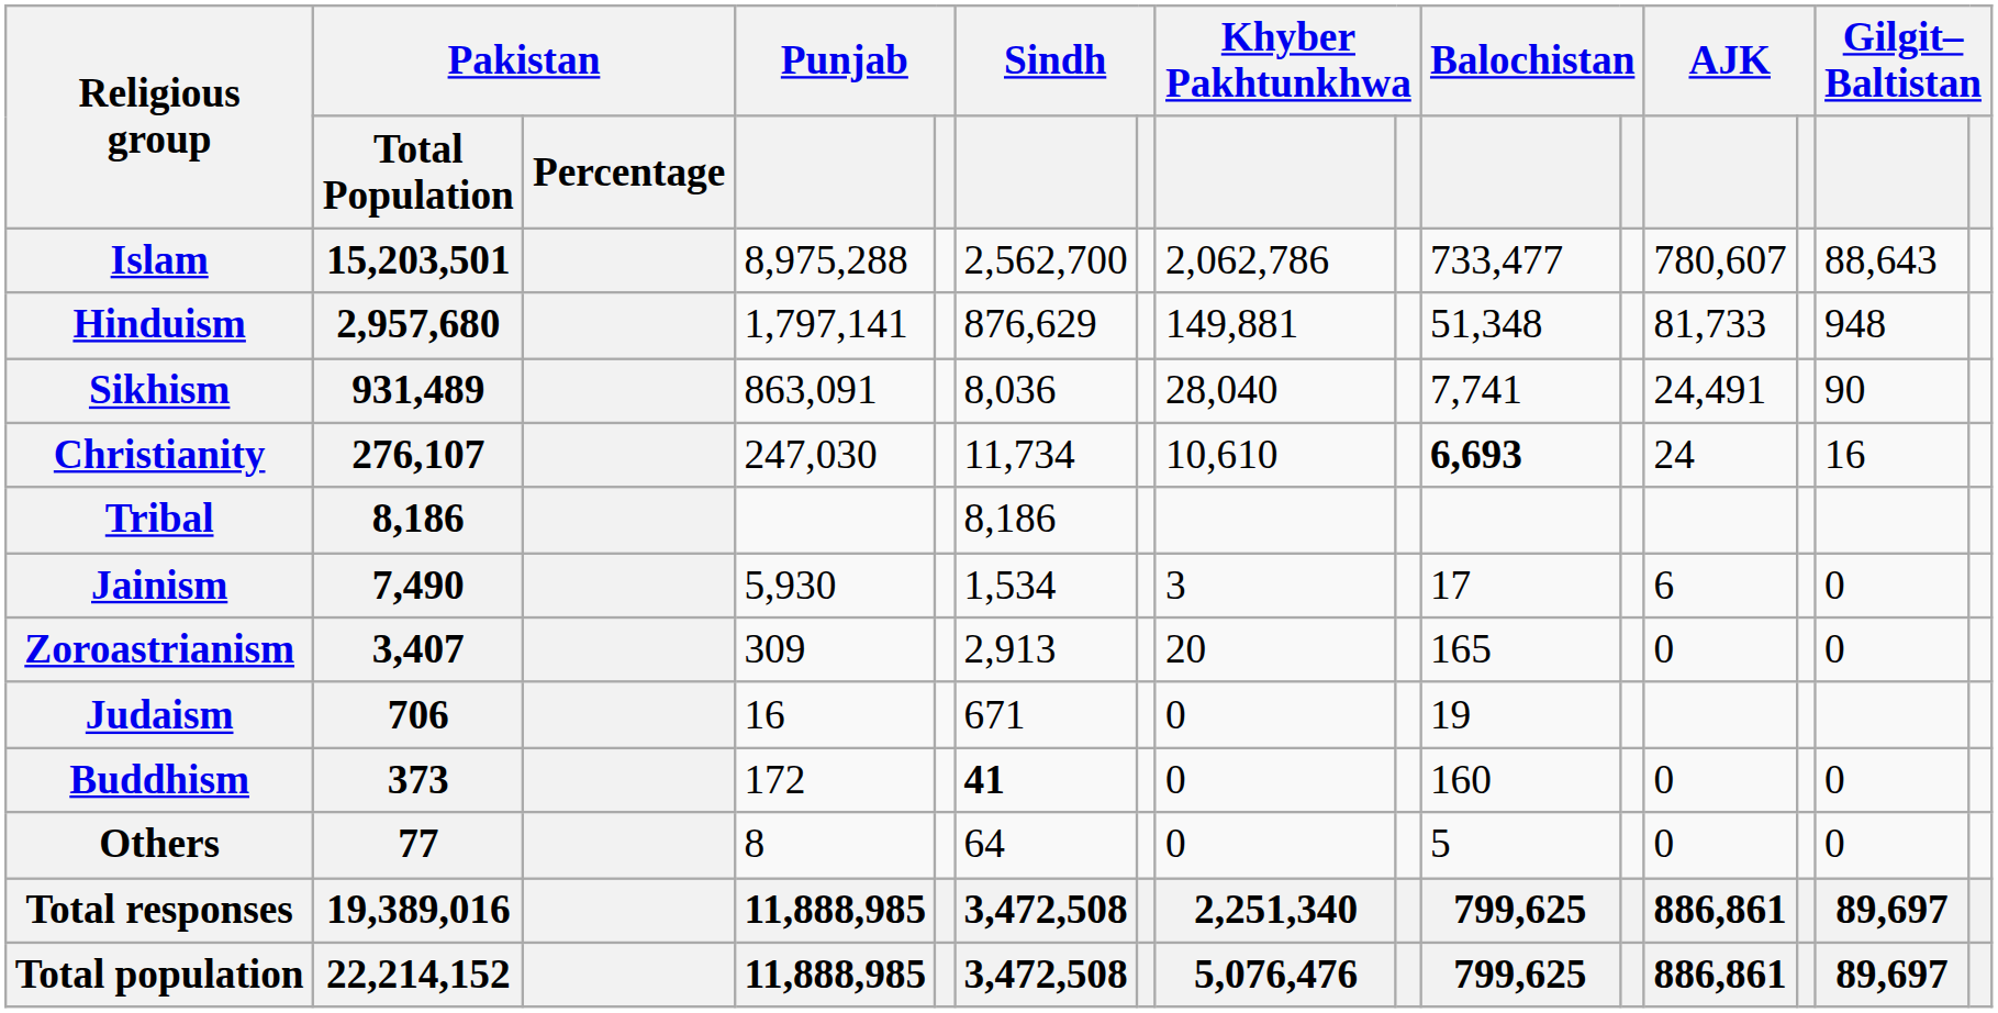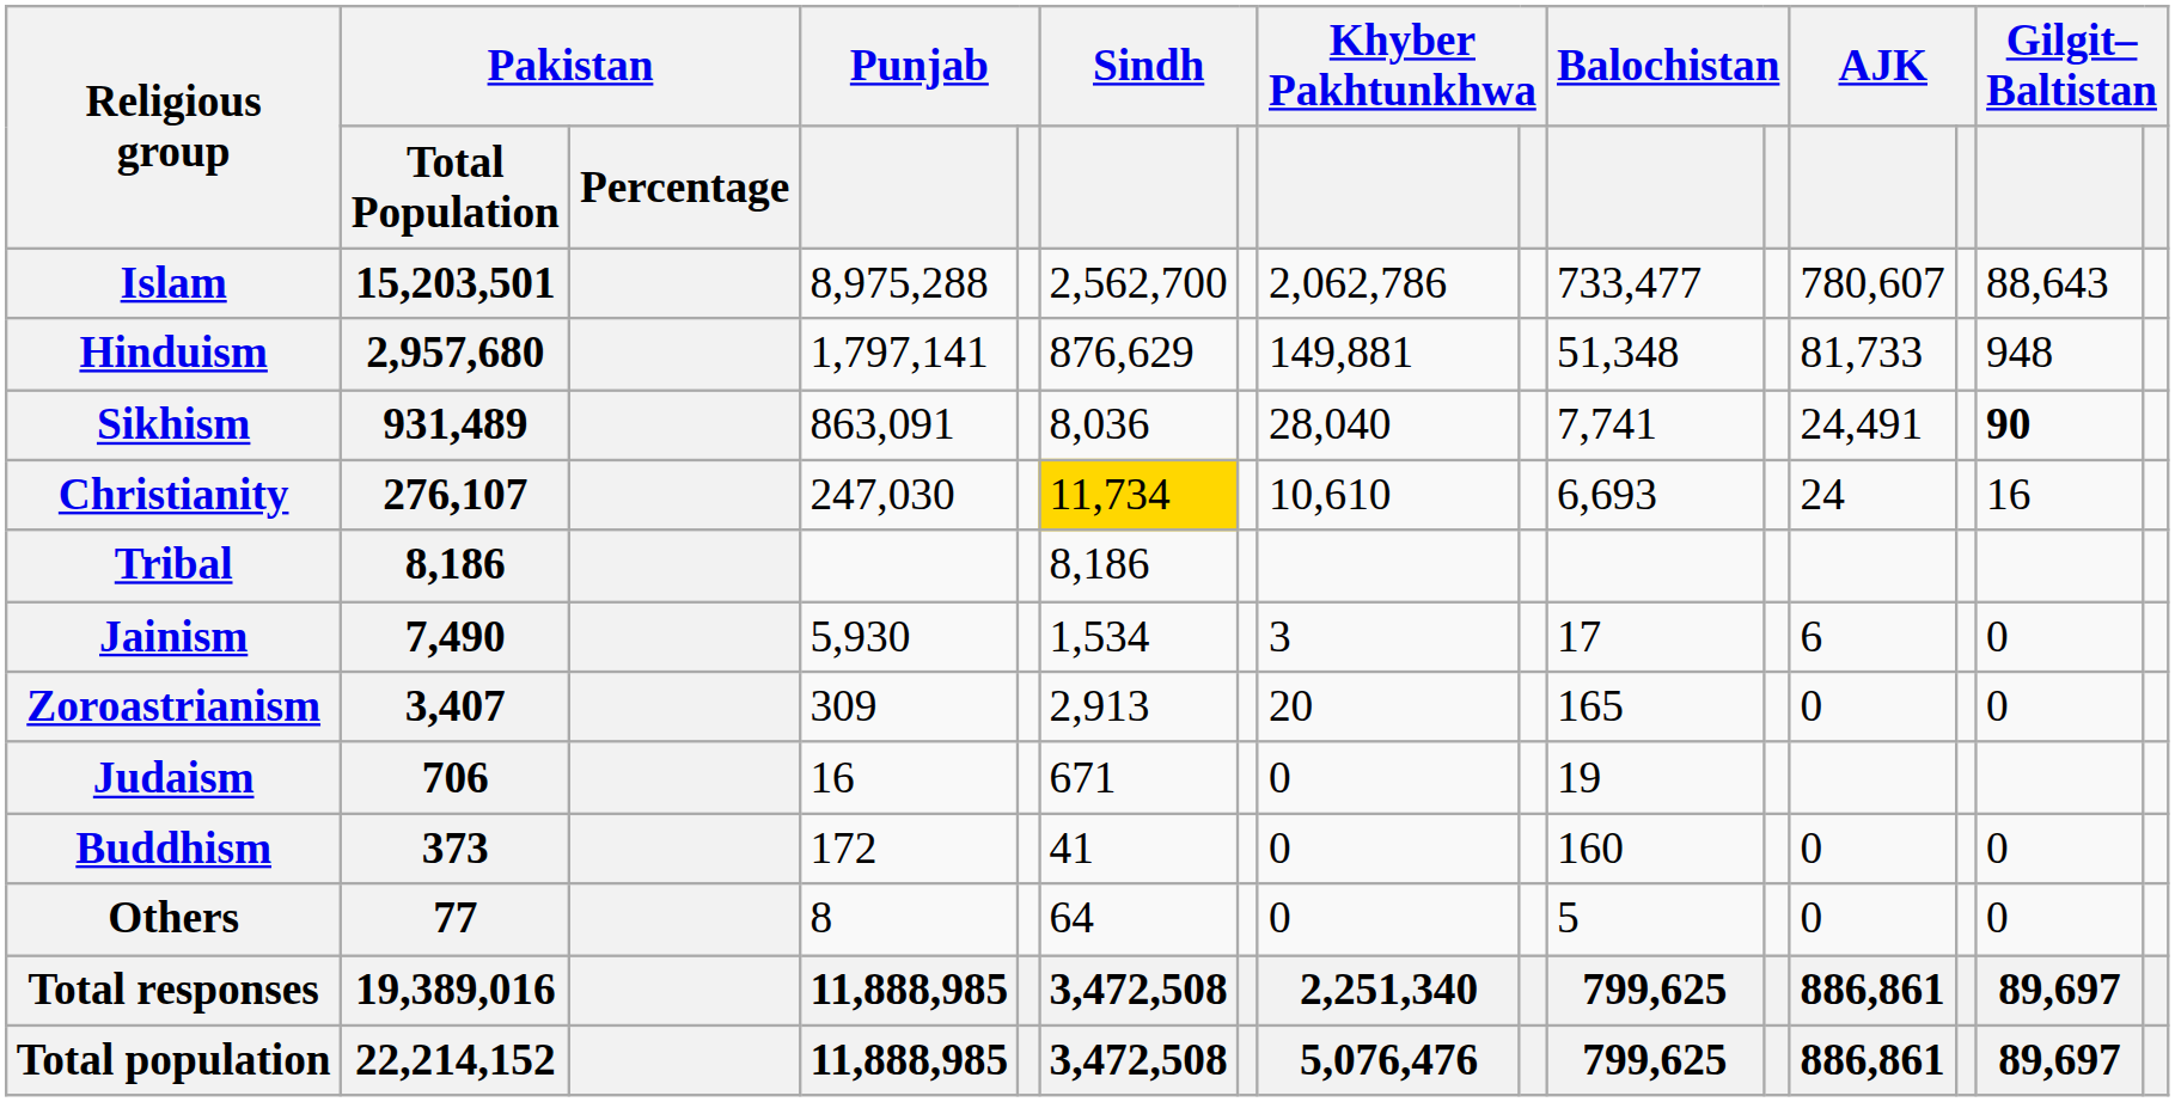 <table class="wikitable sortable">
 <tr>
 <th rowspan="2">Religious<br>group</th>
 <th colspan="2"><a href='#'>Pakistan</a></th>
 <th colspan="2"><a href='#'>Punjab</a></th>
 <th colspan="2"><a href='#'>Sindh</a></th>
 <th colspan="2"><a href='#'>Khyber<br>Pakhtunkhwa</a></th>
 <th colspan="2"><a href='#'>Balochistan</a></th>
 <th colspan="2"><a href='#'>AJK</a></th>
 <th colspan="2"><a href='#'>Gilgit–<br>Baltistan</a></th>
 </tr>
 <tr>
 <th>Total<br>Population</th>
 <th>Percentage</th>
 <th><a href='#'></a></th>
 <th></th>
 <th></th>
 <th></th>
 <th></th>
 <th></th>
 <th></th>
 <th></th>
 <th></th>
 <th></th>
 <th></th>
 <th></th>
 </tr>
 <tr>
 <th><a href='#'>Islam</a> </th>
 <th>15,203,501</th>
 <th></th>
 <td>8,975,288</td>
 <td></td>
 <td>2,562,700</td>
 <td></td>
 <td>2,062,786</td>
 <td></td>
 <td>733,477</td>
 <td></td>
 <td>780,607</td>
 <td></td>
 <td>88,643</td>
 <td></td>
 </tr>
 <tr>
 <th><a href='#'>Hinduism</a> </th>
 <th>2,957,680</th>
 <th></th>
 <td>1,797,141</td>
 <td></td>
 <td>876,629</td>
 <td></td>
 <td>149,881</td>
 <td></td>
 <td>51,348</td>
 <td></td>
 <td>81,733</td>
 <td></td>
 <td>948</td>
 <td></td>
 </tr>
 <tr>
 <th><a href='#'>Sikhism</a> </th>
 <th>931,489</th>
 <th></th>
 <td>863,091</td>
 <td></td>
 <td>8,036</td>
 <td></td>
 <td>28,040</td>
 <td></td>
 <td>7,741</td>
 <td></td>
 <td>24,491</td>
 <td></td>
-<td>90</td>
+<td><strong>90</strong></td>
 <td></td>
 </tr>
 <tr>
 <th><a href='#'>Christianity</a> </th>
 <th>276,107</th>
 <th></th>
 <td>247,030</td>
 <td></td>
-<td>11,734</td>
+<td style="background: gold;">11,734</td>
 <td></td>
 <td>10,610</td>
 <td></td>
-<td><strong>6,693</strong></td>
+<td>6,693</td>
 <td></td>
 <td>24</td>
 <td></td>
 <td>16</td>
 <td></td>
 </tr>
 <tr>
 <th><a href='#'>Tribal</a></th>
 <th>8,186</th>
 <th></th>
 <td></td>
 <td></td>
 <td>8,186</td>
 <td></td>
 <td></td>
 <td></td>
 <td></td>
 <td></td>
 <td></td>
 <td></td>
 <td></td>
 <td></td>
 </tr>
 <tr>
 <th><a href='#'>Jainism</a> </th>
 <th>7,490</th>
 <th></th>
 <td>5,930</td>
 <td></td>
 <td>1,534</td>
 <td></td>
 <td>3</td>
 <td></td>
 <td>17</td>
 <td></td>
 <td>6</td>
 <td></td>
 <td>0</td>
 <td></td>
 </tr>
 <tr>
 <th><a href='#'>Zoroastrianism</a> </th>
 <th>3,407</th>
 <th></th>
 <td>309</td>
 <td></td>
 <td>2,913</td>
 <td></td>
 <td>20</td>
 <td></td>
 <td>165</td>
 <td></td>
 <td>0</td>
 <td></td>
 <td>0</td>
 <td></td>
 </tr>
 <tr>
 <th><a href='#'>Judaism</a> </th>
 <th>706</th>
 <th></th>
 <td>16</td>
 <td></td>
 <td>671</td>
 <td></td>
 <td>0</td>
 <td></td>
 <td>19</td>
 <td></td>
 <td></td>
 <td></td>
 <td></td>
 <td></td>
 </tr>
 <tr>
 <th><a href='#'>Buddhism</a> </th>
 <th>373</th>
 <th></th>
 <td>172</td>
 <td></td>
-<td><strong>41</strong></td>
+<td>41</td>
 <td></td>
 <td>0</td>
 <td></td>
 <td>160</td>
 <td></td>
 <td>0</td>
 <td></td>
 <td>0</td>
 <td></td>
 </tr>
 <tr>
 <th>Others</th>
 <th>77</th>
 <th></th>
 <td>8</td>
 <td></td>
 <td>64</td>
 <td></td>
 <td>0</td>
 <td></td>
 <td>5</td>
 <td></td>
 <td>0</td>
 <td></td>
 <td>0</td>
 <td></td>
 </tr>
 <tr>
 <th>Total responses</th>
 <th>19,389,016</th>
 <th></th>
 <th>11,888,985</th>
 <th></th>
 <th>3,472,508</th>
 <th></th>
 <th>2,251,340</th>
 <th></th>
 <th>799,625</th>
 <th></th>
 <th>886,861</th>
 <th></th>
 <th>89,697</th>
 <th></th>
 </tr>
 <tr>
 <th>Total population</th>
 <th>22,214,152</th>
 <th></th>
 <th>11,888,985</th>
 <th></th>
 <th>3,472,508</th>
 <th></th>
 <th>5,076,476</th>
 <th></th>
 <th>799,625</th>
 <th></th>
 <th>886,861</th>
 <th></th>
 <th>89,697</th>
 <th></th>
 </tr>
 </table>
